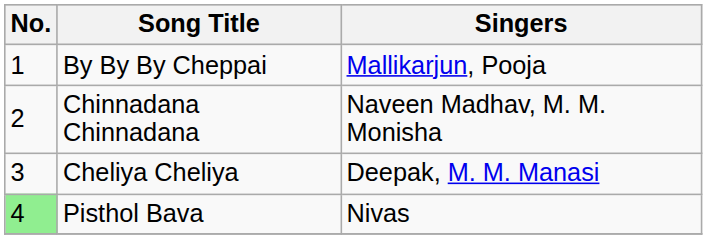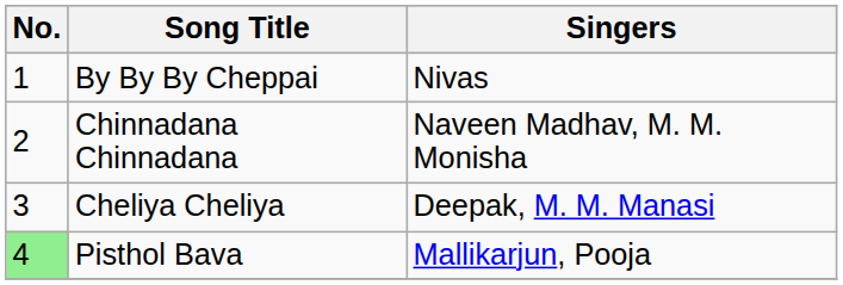 <table class="wikitable" width="50%">
 <tr bgcolor="#CCCCCC">
 <th>No.</th>
 <th>Song Title</th>
 <th>Singers</th>
 </tr>
 <tr>
 <td>1</td>
 <td>By By By Cheppai</td>
-<td><a href='#'>Mallikarjun</a>, Pooja</td>
+<td>Nivas</td>
 </tr>
 <tr>
 <td>2</td>
 <td>Chinnadana Chinnadana</td>
 <td>Naveen Madhav, M. M. Monisha</td>
 </tr>
 <tr>
 <td>3</td>
 <td>Cheliya Cheliya</td>
 <td>Deepak, <a href='#'>M. M. Manasi</a></td>
 </tr>
 <tr>
 <td style="background: lightgreen;">4</td>
 <td>Pisthol Bava</td>
-<td>Nivas</td>
+<td><a href='#'>Mallikarjun</a>, Pooja</td>
 </tr>
 <tr>
 </tr>
 </table>
